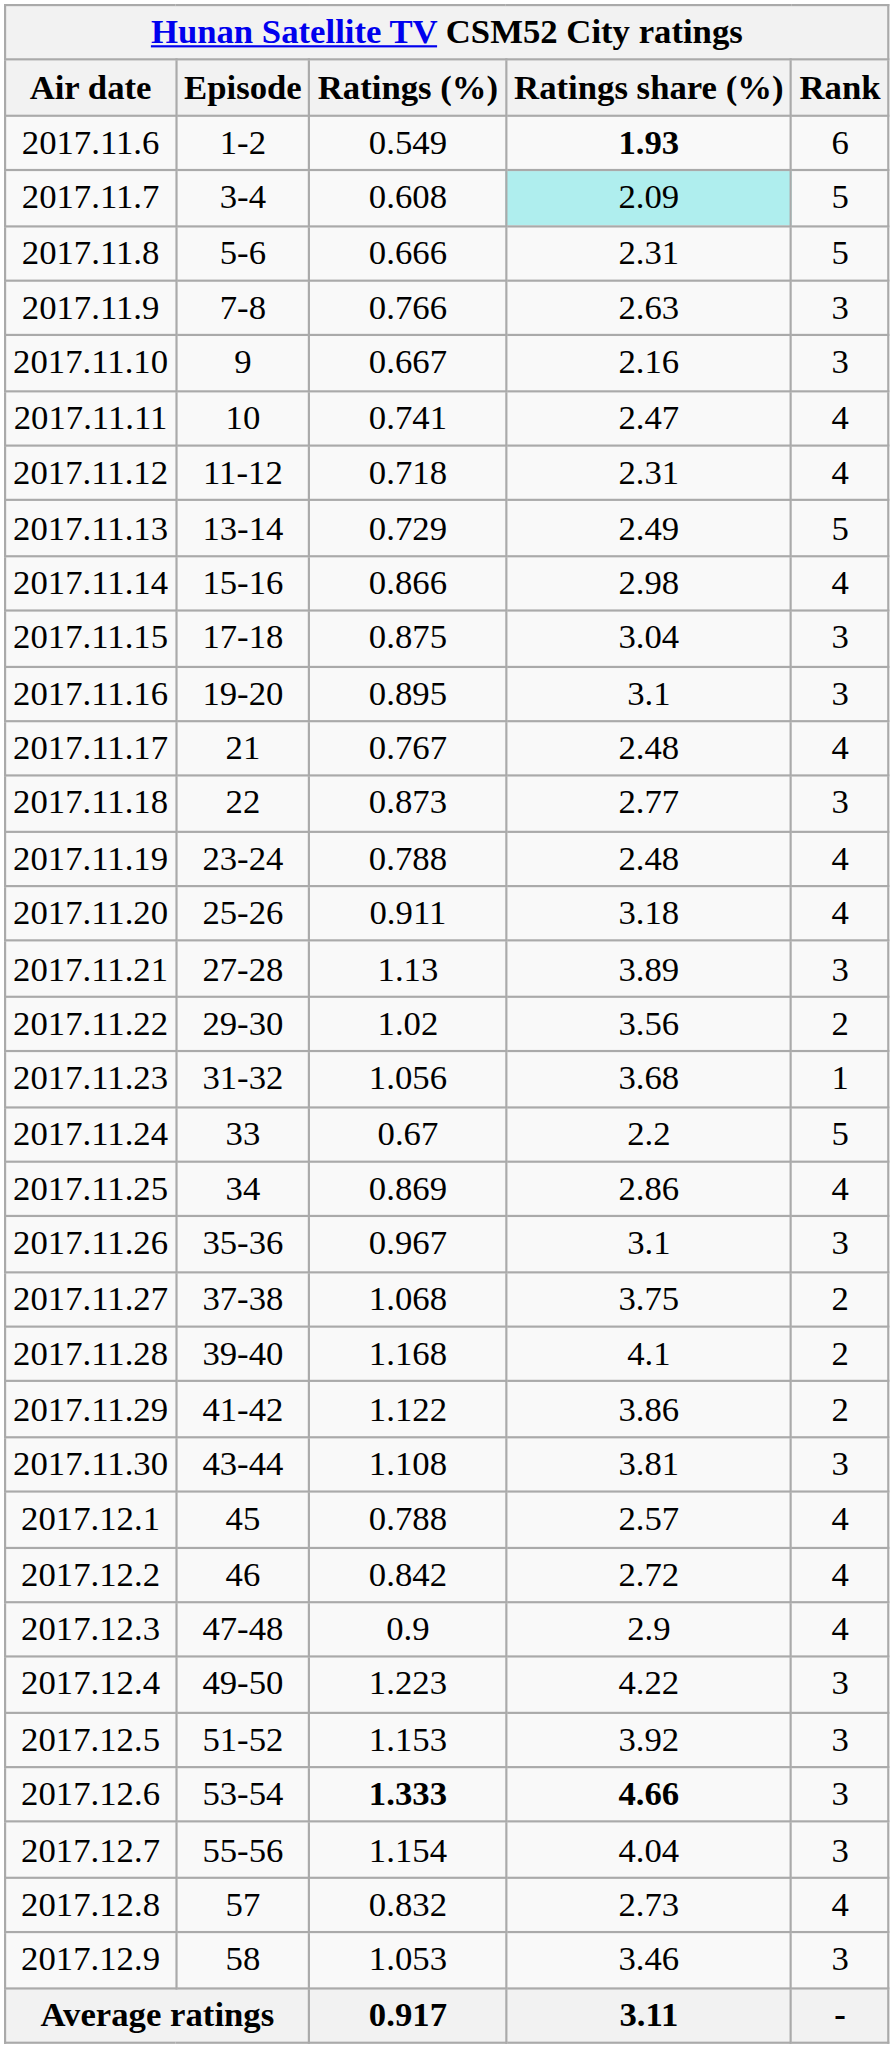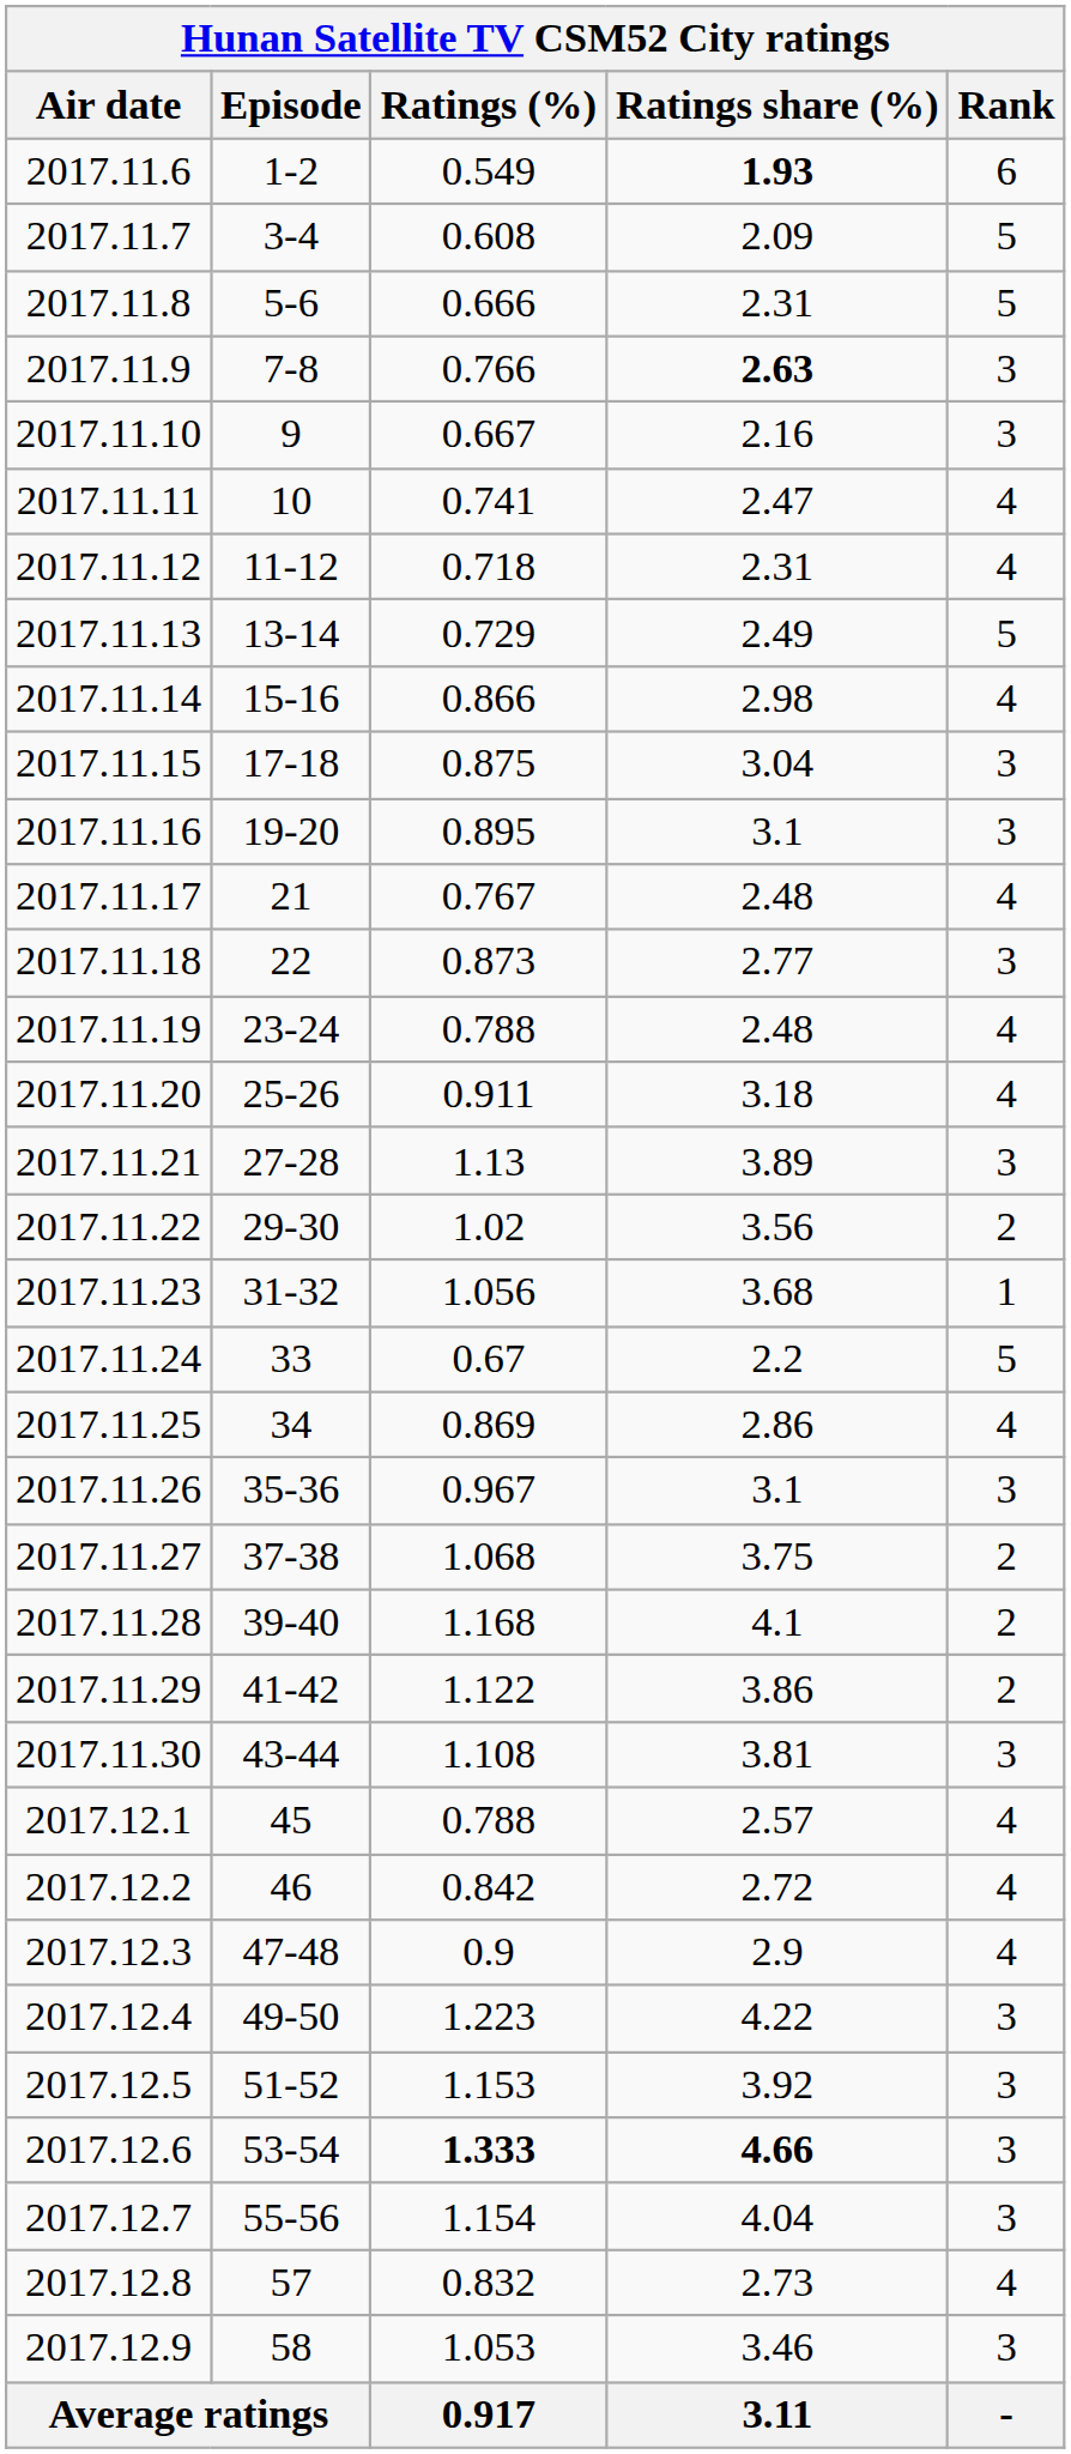 <table class="wikitable sortable mw-collapsible jquery-tablesorter" style="text-align:center">
 <tr>
 <th colspan="5"><a href='#'>Hunan Satellite TV</a> CSM52 City ratings</th>
 </tr>
 <tr>
 <th>Air date</th>
 <th>Episode</th>
 <th>Ratings (%)</th>
 <th>Ratings share (%)</th>
 <th>Rank</th>
 </tr>
 <tr>
 <td>2017.11.6</td>
 <td>1-2</td>
 <td><span><span>0.549</span></span></td>
 <td><strong><span>1.93</span></strong></td>
 <td>6</td>
 </tr>
 <tr>
 <td>2017.11.7</td>
 <td>3-4</td>
 <td>0.608</td>
-<td style="background: paleturquoise;">2.09</td>
+<td>2.09</td>
 <td>5</td>
 </tr>
 <tr>
 <td>2017.11.8</td>
 <td>5-6</td>
 <td>0.666</td>
 <td>2.31</td>
 <td>5</td>
 </tr>
 <tr>
 <td>2017.11.9</td>
 <td>7-8</td>
 <td>0.766</td>
-<td>2.63</td>
+<td><strong>2.63</strong></td>
 <td>3</td>
 </tr>
 <tr>
 <td>2017.11.10</td>
 <td>9</td>
 <td>0.667</td>
 <td>2.16</td>
 <td>3</td>
 </tr>
 <tr>
 <td>2017.11.11</td>
 <td>10</td>
 <td>0.741</td>
 <td>2.47</td>
 <td>4</td>
 </tr>
 <tr>
 <td>2017.11.12</td>
 <td>11-12</td>
 <td>0.718</td>
 <td>2.31</td>
 <td>4</td>
 </tr>
 <tr>
 <td>2017.11.13</td>
 <td>13-14</td>
 <td>0.729</td>
 <td>2.49</td>
 <td>5</td>
 </tr>
 <tr>
 <td>2017.11.14</td>
 <td>15-16</td>
 <td>0.866</td>
 <td>2.98</td>
 <td>4</td>
 </tr>
 <tr>
 <td>2017.11.15</td>
 <td>17-18</td>
 <td>0.875</td>
 <td>3.04</td>
 <td>3</td>
 </tr>
 <tr>
 <td>2017.11.16</td>
 <td>19-20</td>
 <td>0.895</td>
 <td>3.1</td>
 <td>3</td>
 </tr>
 <tr>
 <td>2017.11.17</td>
 <td>21</td>
 <td>0.767</td>
 <td>2.48</td>
 <td>4</td>
 </tr>
 <tr>
 <td>2017.11.18</td>
 <td>22</td>
 <td>0.873</td>
 <td>2.77</td>
 <td>3</td>
 </tr>
 <tr>
 <td>2017.11.19</td>
 <td>23-24</td>
 <td>0.788</td>
 <td>2.48</td>
 <td>4</td>
 </tr>
 <tr>
 <td>2017.11.20</td>
 <td>25-26</td>
 <td>0.911</td>
 <td>3.18</td>
 <td>4</td>
 </tr>
 <tr>
 <td>2017.11.21</td>
 <td>27-28</td>
 <td>1.13</td>
 <td>3.89</td>
 <td>3</td>
 </tr>
 <tr>
 <td>2017.11.22</td>
 <td>29-30</td>
 <td>1.02</td>
 <td>3.56</td>
 <td>2</td>
 </tr>
 <tr>
 <td>2017.11.23</td>
 <td>31-32</td>
 <td>1.056</td>
 <td>3.68</td>
 <td>1</td>
 </tr>
 <tr>
 <td>2017.11.24</td>
 <td>33</td>
 <td>0.67</td>
 <td>2.2</td>
 <td>5</td>
 </tr>
 <tr>
 <td>2017.11.25</td>
 <td>34</td>
 <td>0.869</td>
 <td>2.86</td>
 <td>4</td>
 </tr>
 <tr>
 <td>2017.11.26</td>
 <td>35-36</td>
 <td>0.967</td>
 <td>3.1</td>
 <td>3</td>
 </tr>
 <tr>
 <td>2017.11.27</td>
 <td>37-38</td>
 <td>1.068</td>
 <td>3.75</td>
 <td>2</td>
 </tr>
 <tr>
 <td>2017.11.28</td>
 <td>39-40</td>
 <td>1.168</td>
 <td>4.1</td>
 <td>2</td>
 </tr>
 <tr>
 <td>2017.11.29</td>
 <td>41-42</td>
 <td>1.122</td>
 <td>3.86</td>
 <td>2</td>
 </tr>
 <tr>
 <td>2017.11.30</td>
 <td>43-44</td>
 <td>1.108</td>
 <td>3.81</td>
 <td>3</td>
 </tr>
 <tr>
 <td>2017.12.1</td>
 <td>45</td>
 <td>0.788</td>
 <td>2.57</td>
 <td>4</td>
 </tr>
 <tr>
 <td>2017.12.2</td>
 <td>46</td>
 <td>0.842</td>
 <td>2.72</td>
 <td>4</td>
 </tr>
 <tr>
 <td>2017.12.3</td>
 <td>47-48</td>
 <td>0.9</td>
 <td>2.9</td>
 <td>4</td>
 </tr>
 <tr>
 <td>2017.12.4</td>
 <td>49-50</td>
 <td>1.223</td>
 <td>4.22</td>
 <td>3</td>
 </tr>
 <tr>
 <td>2017.12.5</td>
 <td>51-52</td>
 <td>1.153</td>
 <td>3.92</td>
 <td>3</td>
 </tr>
 <tr>
 <td>2017.12.6</td>
 <td>53-54</td>
 <td><strong><span>1.333</span></strong></td>
 <td><strong><span>4.66</span></strong></td>
 <td>3</td>
 </tr>
 <tr>
 <td>2017.12.7</td>
 <td>55-56</td>
 <td>1.154</td>
 <td>4.04</td>
 <td>3</td>
 </tr>
 <tr>
 <td>2017.12.8</td>
 <td>57</td>
 <td>0.832</td>
 <td>2.73</td>
 <td>4</td>
 </tr>
 <tr>
 <td>2017.12.9</td>
 <td>58</td>
 <td>1.053</td>
 <td>3.46</td>
 <td>3</td>
 </tr>
 <tr>
 <th colspan="2" rowspan="1">Average ratings</th>
 <th>0.917</th>
 <th>3.11</th>
 <th>-</th>
 </tr>
 </table>
